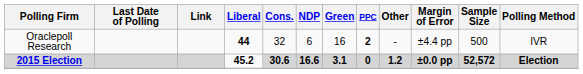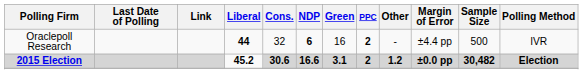 <table class="wikitable sortable" style="text-align:center;font-size:90%;line-height:14px;">
 <tr style="background:#e9e9e9;">
 <th style="width:120px">Polling Firm</th>
 <th style="width:110px">Last Date<br>of Polling</th>
 <th style="width:60px" class="unsortable">Link</th>
 <th style="background-color:"><strong><a href='#'>Liberal</a></strong></th>
 <th style="background-color:"><strong><a href='#'>Cons.</a></strong></th>
 <th style="background-color:"><strong><a href='#'>NDP</a></strong></th>
 <th style="background-color:"><strong><a href='#'>Green</a></strong></th>
 <th style="background-color:"><strong><small><a href='#'>PPC</a></small></strong></th>
 <th style="background-color:"><strong>Other</strong></th>
 <th style="width:60px;" class=unsortable>Margin<br>of Error</th>
 <th style="width:50px;" class=unsortable>Sample<br>Size</th>
 <th class=unsortable>Polling Method</th>
 </tr>
 <tr>
 <td>Oraclepoll Research</td>
 <td></td>
 <td></td>
 <td><strong>44</strong></td>
 <td>32</td>
-<td>6</td>
+<td><strong>6</strong></td>
 <td>16</td>
 <td><strong>2</strong></td>
 <td>-</td>
 <td>±4.4 pp</td>
 <td>500</td>
 <td>IVR</td>
 </tr>
 <tr>
 <td style="background:#D5D5D5"><strong><a href='#'>2015 Election</a></strong></td>
 <td style="background:#D5D5D5"><strong></strong></td>
 <td style="background:#D5D5D5"></td>
 <td><strong>45.2</strong></td>
 <td style="background:#D5D5D5"><strong>30.6</strong></td>
 <td style="background:#D5D5D5"><strong>16.6</strong></td>
 <td style="background:#D5D5D5"><strong>3.1</strong></td>
-<td style="background:#D5D5D5"><strong>0</strong></td>
+<td style="background:#D5D5D5"><strong>2</strong></td>
 <td style="background:#D5D5D5"><strong>1.2</strong></td>
 <td style="background:#D5D5D5"><strong>±0.0 pp</strong></td>
-<td style="background:#D5D5D5"><strong>52,572</strong></td>
+<td style="background:#D5D5D5"><strong>30,482</strong></td>
 <td style="background:#D5D5D5"><strong>Election</strong></td>
 </tr>
 <tr>
 </tr>
 <tr>
 </tr>
 </table>
